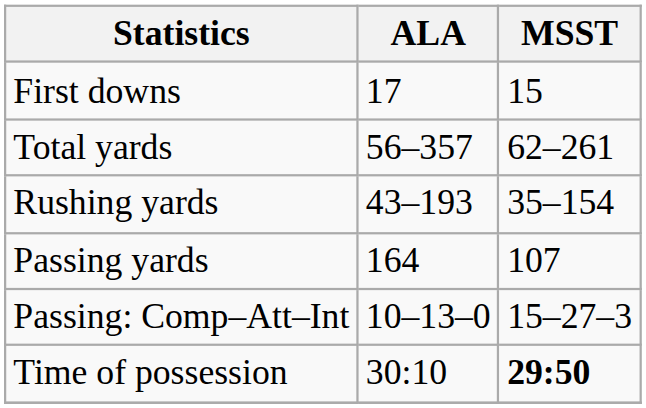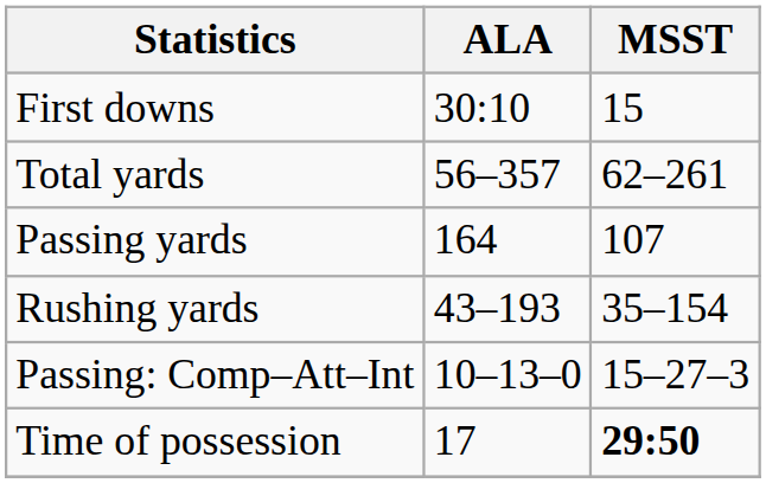 <table class="wikitable" style="float: left;">
 <tr>
 <th>Statistics</th>
 <th>ALA</th>
 <th>MSST</th>
 </tr>
 <tr>
 <td>First downs</td>
-<td>17</td>
+<td>30:10</td>
 <td>15</td>
 </tr>
 <tr>
 <td>Total yards</td>
 <td>56–357</td>
 <td>62–261</td>
 </tr>
 <tr>
+<td>Passing yards</td>
+<td>164</td>
+<td>107</td>
+</tr>
+<tr>
 <td>Rushing yards</td>
 <td>43–193</td>
 <td>35–154</td>
-</tr>
-<tr>
-<td>Passing yards</td>
-<td>164</td>
-<td>107</td>
 </tr>
 <tr>
 <td>Passing: Comp–Att–Int</td>
 <td>10–13–0</td>
 <td>15–27–3</td>
 </tr>
 <tr>
 <td>Time of possession</td>
-<td>30:10</td>
+<td>17</td>
 <td><strong>29:50</strong></td>
 </tr>
 <tr>
 </tr>
 </table>
